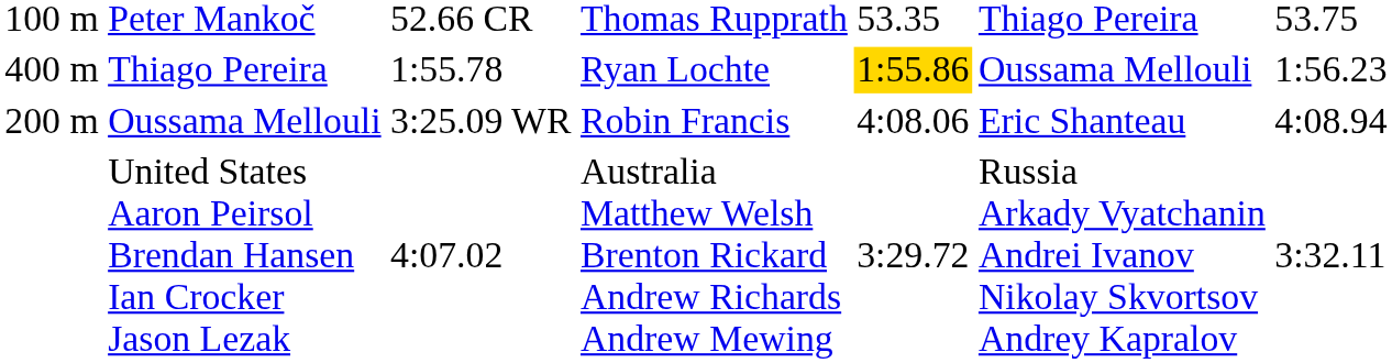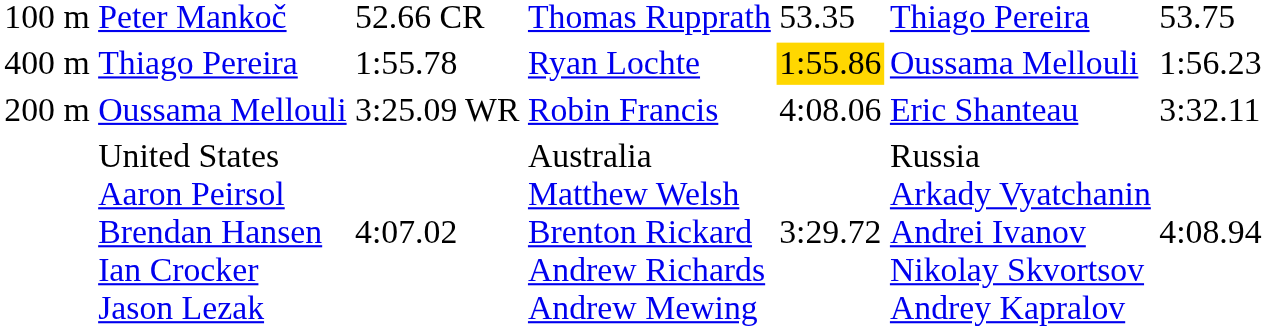 <table>
 <tr>
 <td>100 m</td>
 <td> <a href='#'>Peter Mankoč</a></td>
 <td>52.66 CR</td>
 <td> <a href='#'>Thomas Rupprath</a></td>
 <td>53.35</td>
 <td> <a href='#'>Thiago Pereira</a></td>
 <td>53.75</td>
 </tr>
 <tr>
 <td>400 m</td>
 <td> <a href='#'>Thiago Pereira</a></td>
 <td>1:55.78</td>
 <td> <a href='#'>Ryan Lochte</a></td>
 <td style="background: gold;">1:55.86</td>
 <td> <a href='#'>Oussama Mellouli</a></td>
 <td>1:56.23</td>
 </tr>
 <tr>
 <td>200 m</td>
 <td> <a href='#'>Oussama Mellouli</a></td>
 <td>3:25.09 WR</td>
 <td> <a href='#'>Robin Francis</a></td>
 <td>4:08.06</td>
 <td> <a href='#'>Eric Shanteau</a></td>
-<td>4:08.94</td>
+<td>3:32.11</td>
 </tr>
 <tr>
 <td></td>
 <td> United States<br><a href='#'>Aaron Peirsol</a><br><a href='#'>Brendan Hansen</a><br><a href='#'>Ian Crocker</a><br><a href='#'>Jason Lezak</a></td>
 <td>4:07.02</td>
 <td> Australia<br><a href='#'>Matthew Welsh</a><br><a href='#'>Brenton Rickard</a><br><a href='#'>Andrew Richards</a><br><a href='#'>Andrew Mewing</a></td>
 <td>3:29.72</td>
 <td> Russia<br><a href='#'>Arkady Vyatchanin</a><br><a href='#'>Andrei Ivanov</a><br><a href='#'>Nikolay Skvortsov</a><br><a href='#'>Andrey Kapralov</a></td>
-<td>3:32.11</td>
+<td>4:08.94</td>
 </tr>
 </table>
